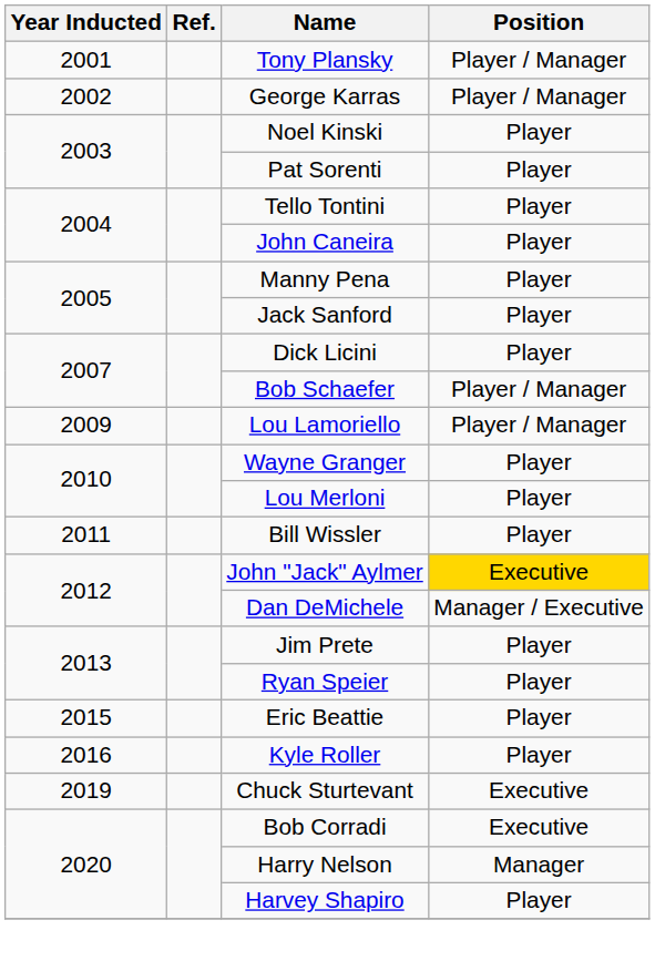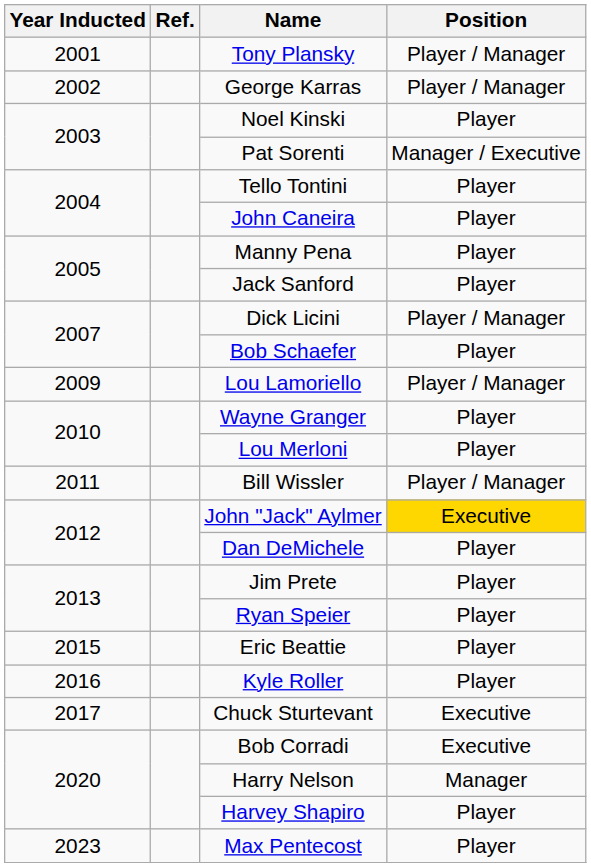 <table class="wikitable" style="text-align:center">
 <tr>
 <th>Year Inducted</th>
 <th>Ref.</th>
 <th>Name</th>
 <th>Position</th>
 </tr>
 <tr>
 <td>2001</td>
 <td></td>
 <td><a href='#'>Tony Plansky</a></td>
 <td>Player / Manager</td>
 </tr>
 <tr>
 <td>2002</td>
 <td></td>
 <td>George Karras</td>
 <td>Player / Manager</td>
 </tr>
 <tr>
 <td rowspan="2">2003</td>
 <td rowspan="2"></td>
 <td>Noel Kinski</td>
 <td>Player</td>
 </tr>
 <tr>
 <td>Pat Sorenti</td>
-<td>Player</td>
+<td>Manager / Executive</td>
 </tr>
 <tr>
 <td rowspan="2">2004</td>
 <td rowspan="2"></td>
 <td>Tello Tontini</td>
 <td>Player</td>
 </tr>
 <tr>
 <td><a href='#'>John Caneira</a></td>
 <td>Player</td>
 </tr>
 <tr>
 <td rowspan="2">2005</td>
 <td rowspan="2"></td>
 <td>Manny Pena</td>
 <td>Player</td>
 </tr>
 <tr>
 <td>Jack Sanford</td>
 <td>Player</td>
 </tr>
 <tr>
 <td rowspan="2">2007</td>
 <td rowspan="2"></td>
 <td>Dick Licini</td>
-<td>Player</td>
+<td>Player / Manager</td>
 </tr>
 <tr>
 <td><a href='#'>Bob Schaefer</a></td>
-<td>Player / Manager</td>
+<td>Player</td>
 </tr>
 <tr>
 <td>2009</td>
 <td></td>
 <td><a href='#'>Lou Lamoriello</a></td>
 <td>Player / Manager</td>
 </tr>
 <tr>
 <td rowspan="2">2010</td>
 <td rowspan="2"></td>
 <td><a href='#'>Wayne Granger</a></td>
 <td>Player</td>
 </tr>
 <tr>
 <td><a href='#'>Lou Merloni</a></td>
 <td>Player</td>
 </tr>
 <tr>
 <td>2011</td>
 <td></td>
 <td>Bill Wissler</td>
-<td>Player</td>
+<td>Player / Manager</td>
 </tr>
 <tr>
 <td rowspan="2">2012</td>
 <td rowspan="2"></td>
 <td><a href='#'>John "Jack" Aylmer</a></td>
 <td style="background: gold;">Executive</td>
 </tr>
 <tr>
 <td><a href='#'>Dan DeMichele</a></td>
-<td>Manager / Executive</td>
+<td>Player</td>
 </tr>
 <tr>
 <td rowspan="2">2013</td>
 <td rowspan="2"></td>
 <td>Jim Prete</td>
 <td>Player</td>
 </tr>
 <tr>
 <td><a href='#'>Ryan Speier</a></td>
 <td>Player</td>
 </tr>
 <tr>
 <td>2015</td>
 <td></td>
 <td>Eric Beattie</td>
 <td>Player</td>
 </tr>
 <tr>
 <td>2016</td>
 <td></td>
 <td><a href='#'>Kyle Roller</a></td>
 <td>Player</td>
 </tr>
 <tr>
-<td>2019</td>
+<td>2017</td>
 <td></td>
 <td>Chuck Sturtevant</td>
 <td>Executive</td>
 </tr>
 <tr>
 <td rowspan="3">2020</td>
 <td rowspan="3"></td>
 <td>Bob Corradi</td>
 <td>Executive</td>
 </tr>
 <tr>
 <td>Harry Nelson</td>
 <td>Manager</td>
 </tr>
 <tr>
 <td><a href='#'>Harvey Shapiro</a></td>
 <td>Player</td>
 </tr>
 <tr>
+<td>2023</td>
+<td></td>
+<td><a href='#'>Max Pentecost</a></td>
+<td>Player</td>
+</tr>
+<tr>
 </tr>
 </table>
